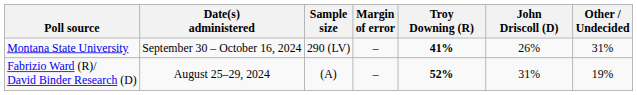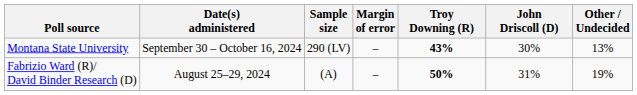 <table class="wikitable" style="font-size:90%;text-align:center;">
 <tr valign=bottom>
 <th>Poll source</th>
 <th>Date(s)<br>administered</th>
 <th>Sample<br>size</th>
 <th>Margin<br>of error</th>
 <th style="width:100px;">Troy<br>Downing (R)</th>
 <th style="width:100px;">John<br>Driscoll (D)</th>
 <th class="unsortable">Other /<br>Undecided</th>
 </tr>
 <tr>
 <td style="text-align:left"><a href='#'>Montana State University</a></td>
 <td>September 30 – October 16, 2024</td>
 <td>290 (LV)</td>
 <td>–</td>
-<td><strong>41%</strong></td>
-<td>26%</td>
-<td>31%</td>
+<td><strong>43%</strong></td>
+<td>30%</td>
+<td>13%</td>
 </tr>
 <tr>
 <td style="text-align:left"><a href='#'>Fabrizio Ward</a> (R)/<a href='#'><br>David Binder Research</a> (D)</td>
 <td>August 25–29, 2024</td>
 <td>(A)</td>
 <td>–</td>
-<td><strong>52%</strong></td>
+<td><strong>50%</strong></td>
 <td>31%</td>
 <td>19%</td>
 </tr>
 </table>
